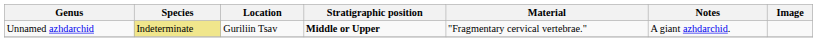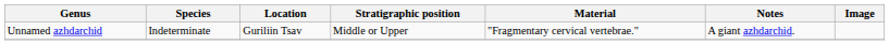 <table class="wikitable" align="center" width="100%">
 <tr>
 <th>Genus</th>
 <th>Species</th>
 <th>Location</th>
 <th>Stratigraphic position</th>
 <th>Material</th>
 <th>Notes</th>
 <th>Image</th>
 </tr>
 <tr>
 <td>Unnamed <a href='#'>azhdarchid</a></td>
-<td style="background: khaki;">Indeterminate</td>
+<td>Indeterminate</td>
 <td>Guriliin Tsav</td>
-<td><strong>Middle or Upper</strong></td>
+<td>Middle or Upper</td>
 <td>"Fragmentary cervical vertebrae."</td>
 <td>A giant <a href='#'>azhdarchid</a>.</td>
 <td></td>
 </tr>
 <tr>
 </tr>
 </table>
